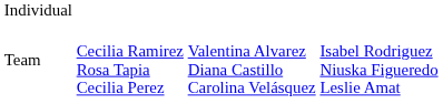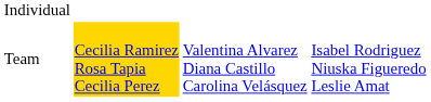 <table>
 <tr>
 <td>Individual</td>
 <td></td>
 <td></td>
 <td></td>
 </tr>
 <tr>
 <td>Team</td>
-<td><br><a href='#'>Cecilia Ramirez</a><br><a href='#'>Rosa Tapia</a><br><a href='#'>Cecilia Perez</a></td>
+<td style="background: gold;"><br><a href='#'>Cecilia Ramirez</a><br><a href='#'>Rosa Tapia</a><br><a href='#'>Cecilia Perez</a></td>
 <td><br><a href='#'>Valentina Alvarez</a><br><a href='#'>Diana Castillo</a><br><a href='#'>Carolina Velásquez</a></td>
 <td><br><a href='#'>Isabel Rodriguez</a><br><a href='#'>Niuska Figueredo</a><br><a href='#'>Leslie Amat</a></td>
 </tr>
 </table>
